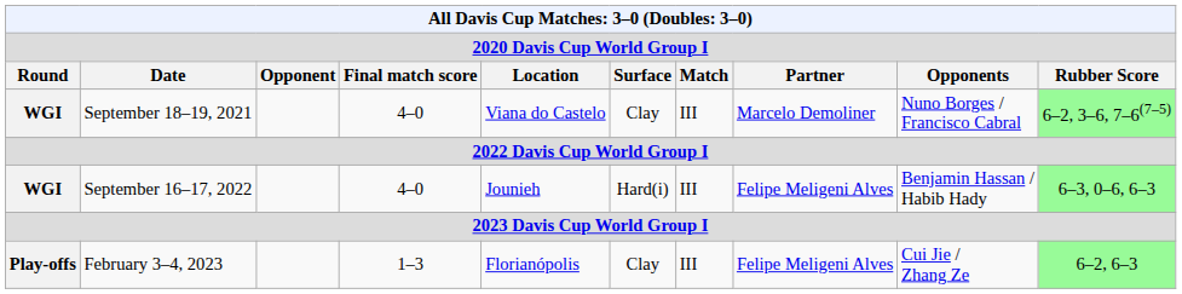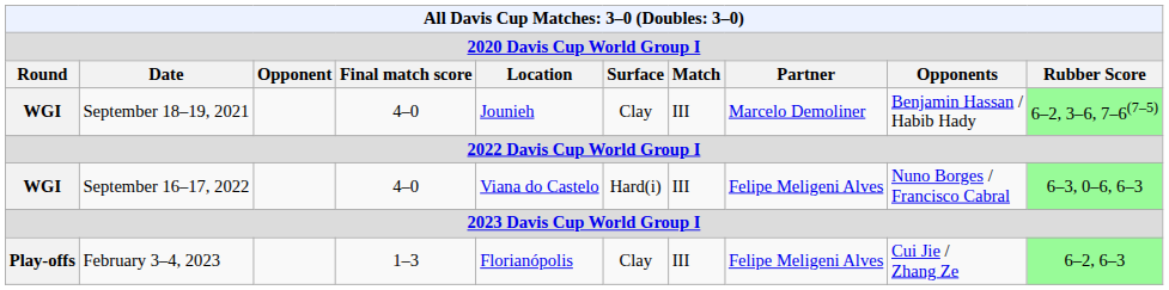 <table class="wikitable style="font-size:97%">
 <tr>
 <th colspan="10" style="width:555px; background:#ecf2ff;"><strong>All Davis Cup Matches: 3–0 (Doubles: 3–0)</strong></th>
 </tr>
 <tr bgcolor=Gainsboro style="text-align:center;">
 <td colspan=10><strong><a href='#'>2020 Davis Cup World Group I</a></strong></td>
 </tr>
 <tr>
 <th>Round</th>
 <th>Date</th>
 <th>Opponent</th>
 <th>Final match score</th>
 <th>Location</th>
 <th>Surface</th>
 <th>Match</th>
 <th>Partner</th>
 <th>Opponents</th>
 <th>Rubber Score</th>
 </tr>
 <tr>
 <th rowspan=1>WGI</th>
 <td rowspan=1>September 18–19, 2021</td>
 <td rowspan=1></td>
 <td rowspan=1 style="text-align:center;">4–0</td>
-<td rowspan=1><a href='#'>Viana do Castelo</a></td>
+<td rowspan=1><a href='#'>Jounieh</a></td>
 <td rowspan=1 style="text-align:center;">Clay</td>
 <td>III</td>
 <td><a href='#'>Marcelo Demoliner</a></td>
-<td><a href='#'>Nuno Borges</a> /<br> <a href='#'>Francisco Cabral</a></td>
+<td><a href='#'>Benjamin Hassan</a> /<br>Habib Hady<br></td>
 <td style="text-align:center; background:#98FB98;">6–2, 3–6, 7–6<sup>(7–5)</sup></td>
 </tr>
 <tr bgcolor=Gainsboro style="text-align:center;">
 <td colspan=10><strong><a href='#'>2022 Davis Cup World Group I</a></strong></td>
 </tr>
 <tr>
 <th rowspan=1>WGI</th>
 <td rowspan=1>September 16–17, 2022</td>
 <td rowspan=1></td>
 <td rowspan=1 style="text-align:center;">4–0</td>
-<td rowspan=1><a href='#'>Jounieh</a></td>
+<td rowspan=1><a href='#'>Viana do Castelo</a></td>
 <td rowspan=1 style="text-align:center;">Hard(i)</td>
 <td>III</td>
 <td><a href='#'>Felipe Meligeni Alves</a></td>
-<td><a href='#'>Benjamin Hassan</a> /<br>Habib Hady<br></td>
+<td><a href='#'>Nuno Borges</a> /<br> <a href='#'>Francisco Cabral</a></td>
 <td style="text-align:center; background:#98FB98;">6–3, 0–6, 6–3</td>
 </tr>
 <tr bgcolor=Gainsboro style="text-align:center;">
 <td colspan=10><strong><a href='#'>2023 Davis Cup World Group I</a></strong></td>
 </tr>
 <tr>
 <th rowspan=1>Play-offs</th>
 <td rowspan=1>February 3–4, 2023</td>
 <td rowspan=1></td>
 <td rowspan=1 style="text-align:center;">1–3</td>
 <td rowspan=1><a href='#'>Florianópolis</a></td>
 <td rowspan=1 style="text-align:center;">Clay</td>
 <td>III</td>
 <td><a href='#'>Felipe Meligeni Alves</a></td>
 <td><a href='#'>Cui Jie</a> /<br> <a href='#'>Zhang Ze</a></td>
 <td style="text-align:center; background:#98FB98;">6–2, 6–3</td>
 </tr>
 </table>
